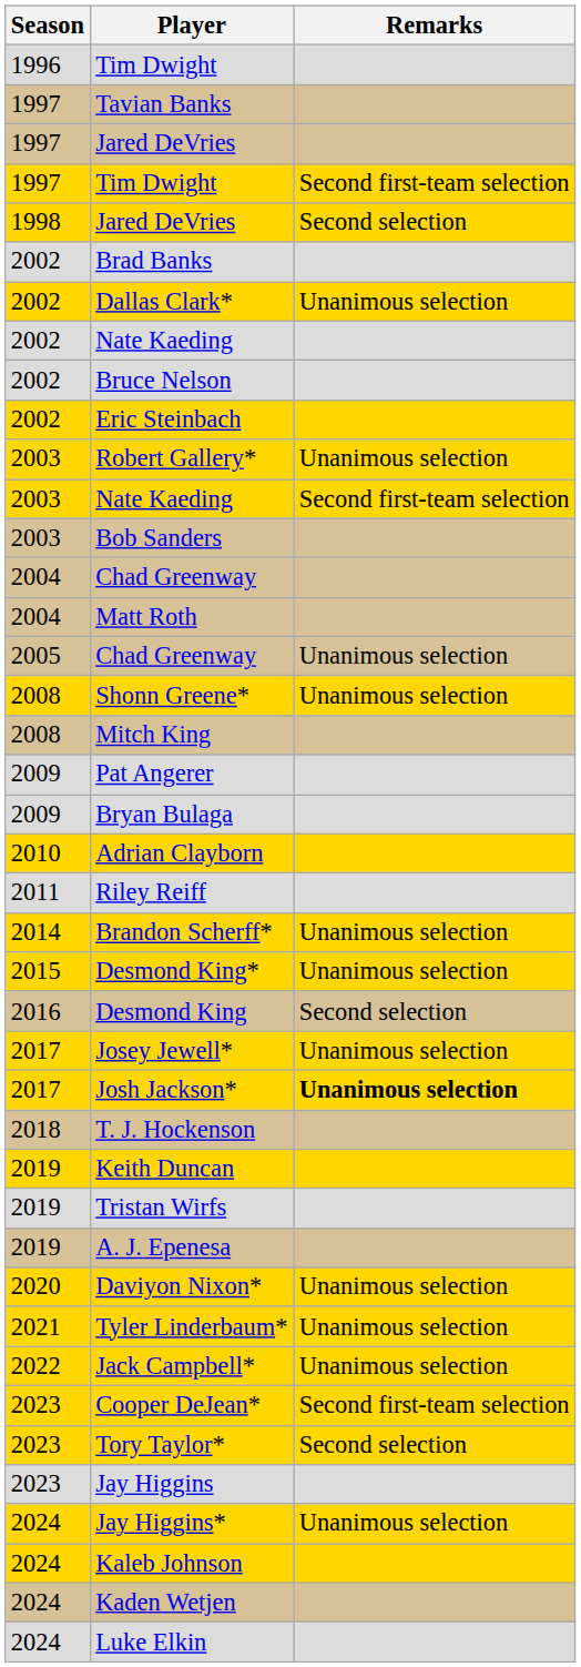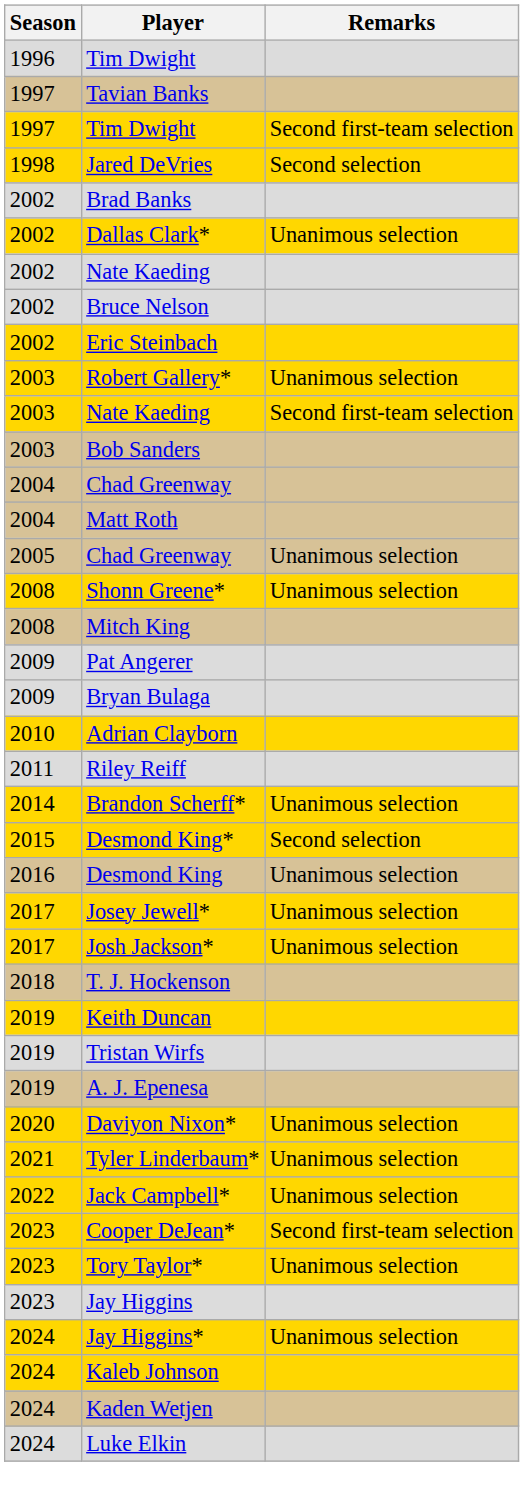 <table class="wikitable" style="float:left; margin-right:1em;">
 <tr>
 <th>Season</th>
 <th>Player</th>
 <th>Remarks</th>
 </tr>
 <tr style="background: #dcdcdc;">
 <td>1996</td>
 <td><a href='#'>Tim Dwight</a></td>
 <td></td>
 </tr>
 <tr style="background: #d7c297;">
 <td>1997</td>
 <td><a href='#'>Tavian Banks</a></td>
-<td></td>
-</tr>
-<tr style="background: #d7c297;">
-<td>1997</td>
-<td><a href='#'>Jared DeVries</a></td>
 <td></td>
 </tr>
 <tr style="background: #FFD700;">
 <td>1997</td>
 <td><a href='#'>Tim Dwight</a></td>
 <td>Second first-team selection</td>
 </tr>
 <tr style="background: #FFD700;">
 <td>1998</td>
 <td><a href='#'>Jared DeVries</a></td>
 <td>Second selection</td>
 </tr>
 <tr style="background: #dcdcdc;">
 <td>2002</td>
 <td><a href='#'>Brad Banks</a></td>
 <td></td>
 </tr>
 <tr style="background: #FFD700;">
 <td>2002</td>
 <td><a href='#'>Dallas Clark</a>*</td>
 <td>Unanimous selection</td>
 </tr>
 <tr style="background: #dcdcdc;">
 <td>2002</td>
 <td><a href='#'>Nate Kaeding</a></td>
 <td></td>
 </tr>
 <tr style="background: #dcdcdc;">
 <td>2002</td>
 <td><a href='#'>Bruce Nelson</a></td>
 <td></td>
 </tr>
 <tr style="background: #FFD700;">
 <td>2002</td>
 <td><a href='#'>Eric Steinbach</a></td>
 <td></td>
 </tr>
 <tr style="background: #FFD700;">
 <td>2003</td>
 <td><a href='#'>Robert Gallery</a>*</td>
 <td>Unanimous selection</td>
 </tr>
 <tr style="background: #FFD700;">
 <td>2003</td>
 <td><a href='#'>Nate Kaeding</a></td>
 <td>Second first-team selection</td>
 </tr>
 <tr style="background: #d7c297;">
 <td>2003</td>
 <td><a href='#'>Bob Sanders</a></td>
 <td></td>
 </tr>
 <tr style="background: #d7c297;">
 <td>2004</td>
 <td><a href='#'>Chad Greenway</a></td>
 <td></td>
 </tr>
 <tr style="background: #d7c297;">
 <td>2004</td>
 <td><a href='#'>Matt Roth</a></td>
 <td></td>
 </tr>
 <tr style="background: #d7c297;">
 <td>2005</td>
 <td><a href='#'>Chad Greenway</a></td>
 <td>Unanimous selection</td>
 </tr>
 <tr style="background: #FFD700;">
 <td>2008</td>
 <td><a href='#'>Shonn Greene</a>*</td>
 <td>Unanimous selection</td>
 </tr>
 <tr style="background: #d7c297;">
 <td>2008</td>
 <td><a href='#'>Mitch King</a></td>
 <td></td>
 </tr>
 <tr style="background: #dcdcdc;">
 <td>2009</td>
 <td><a href='#'>Pat Angerer</a></td>
 <td></td>
 </tr>
 <tr style="background: #dcdcdc;">
 <td>2009</td>
 <td><a href='#'>Bryan Bulaga</a></td>
 <td></td>
 </tr>
 <tr style="background: #FFD700;">
 <td>2010</td>
 <td><a href='#'>Adrian Clayborn</a></td>
 <td></td>
 </tr>
 <tr style="background: #dcdcdc;">
 <td>2011</td>
 <td><a href='#'>Riley Reiff</a></td>
 <td></td>
 </tr>
 <tr style="background: #FFD700;">
 <td>2014</td>
 <td><a href='#'>Brandon Scherff</a>*</td>
 <td>Unanimous selection</td>
 </tr>
 <tr style="background: #FFD700;">
 <td>2015</td>
 <td><a href='#'>Desmond King</a>*</td>
-<td>Unanimous selection</td>
+<td>Second selection</td>
 </tr>
 <tr style="background: #d7c297;">
 <td>2016</td>
 <td><a href='#'>Desmond King</a></td>
-<td>Second selection</td>
+<td>Unanimous selection</td>
 </tr>
 <tr style="background: #FFD700;">
 <td>2017</td>
 <td><a href='#'>Josey Jewell</a>*</td>
 <td>Unanimous selection</td>
 </tr>
 <tr style="background: #FFD700;">
 <td>2017</td>
 <td><a href='#'>Josh Jackson</a>*</td>
-<td><strong>Unanimous selection</strong></td>
+<td>Unanimous selection</td>
 </tr>
 <tr style="background: #d7c297;">
 <td>2018</td>
 <td><a href='#'>T. J. Hockenson</a></td>
 <td></td>
 </tr>
 <tr style="background: #FFD700;">
 <td>2019</td>
 <td><a href='#'>Keith Duncan</a></td>
 <td></td>
 </tr>
 <tr style="background: #dcdcdc;">
 <td>2019</td>
 <td><a href='#'>Tristan Wirfs</a></td>
 <td></td>
 </tr>
 <tr style="background: #d7c297;">
 <td>2019</td>
 <td><a href='#'>A. J. Epenesa</a></td>
 <td></td>
 </tr>
 <tr style="background: #FFD700;">
 <td>2020</td>
 <td><a href='#'>Daviyon Nixon</a>*</td>
 <td>Unanimous selection</td>
 </tr>
 <tr style="background: #FFD700;">
 <td>2021</td>
 <td><a href='#'>Tyler Linderbaum</a>*</td>
 <td>Unanimous selection</td>
 </tr>
 <tr style="background: #FFD700;">
 <td>2022</td>
 <td><a href='#'>Jack Campbell</a>*</td>
 <td>Unanimous selection</td>
 </tr>
 <tr style="background: #FFD700;">
 <td>2023</td>
 <td><a href='#'>Cooper DeJean</a>*</td>
 <td>Second first-team selection</td>
 </tr>
 <tr style="background: #FFD700;">
 <td>2023</td>
 <td><a href='#'>Tory Taylor</a>*</td>
-<td>Second selection</td>
+<td>Unanimous selection</td>
 </tr>
 <tr style="background: #dcdcdc;">
 <td>2023</td>
 <td><a href='#'>Jay Higgins</a></td>
 <td></td>
 </tr>
 <tr style="background: #FFD700;">
 <td>2024</td>
 <td><a href='#'>Jay Higgins</a>*</td>
 <td>Unanimous selection</td>
 </tr>
 <tr style="background: #FFD700;">
 <td>2024</td>
 <td><a href='#'>Kaleb Johnson</a></td>
 <td></td>
 </tr>
 <tr style="background: #d7c297;">
 <td>2024</td>
 <td><a href='#'>Kaden Wetjen</a></td>
 <td></td>
 </tr>
 <tr style="background: #dcdcdc;">
 <td>2024</td>
 <td><a href='#'>Luke Elkin</a></td>
 <td></td>
 </tr>
 </table>
